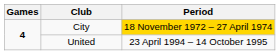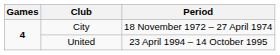 <table class="wikitable sortable" style="text-align:center;">
 <tr>
 <th>Games</th>
 <th style="width:30%;">Club</th>
 <th>Period</th>
 </tr>
 <tr>
 <td rowspan="2"><strong>4</strong></td>
 <td>City</td>
-<td style="background: gold;">18 November 1972 – 27 April 1974</td>
+<td>18 November 1972 – 27 April 1974</td>
 </tr>
 <tr>
 <td>United</td>
 <td>23 April 1994 – 14 October 1995</td>
 </tr>
 </table>
